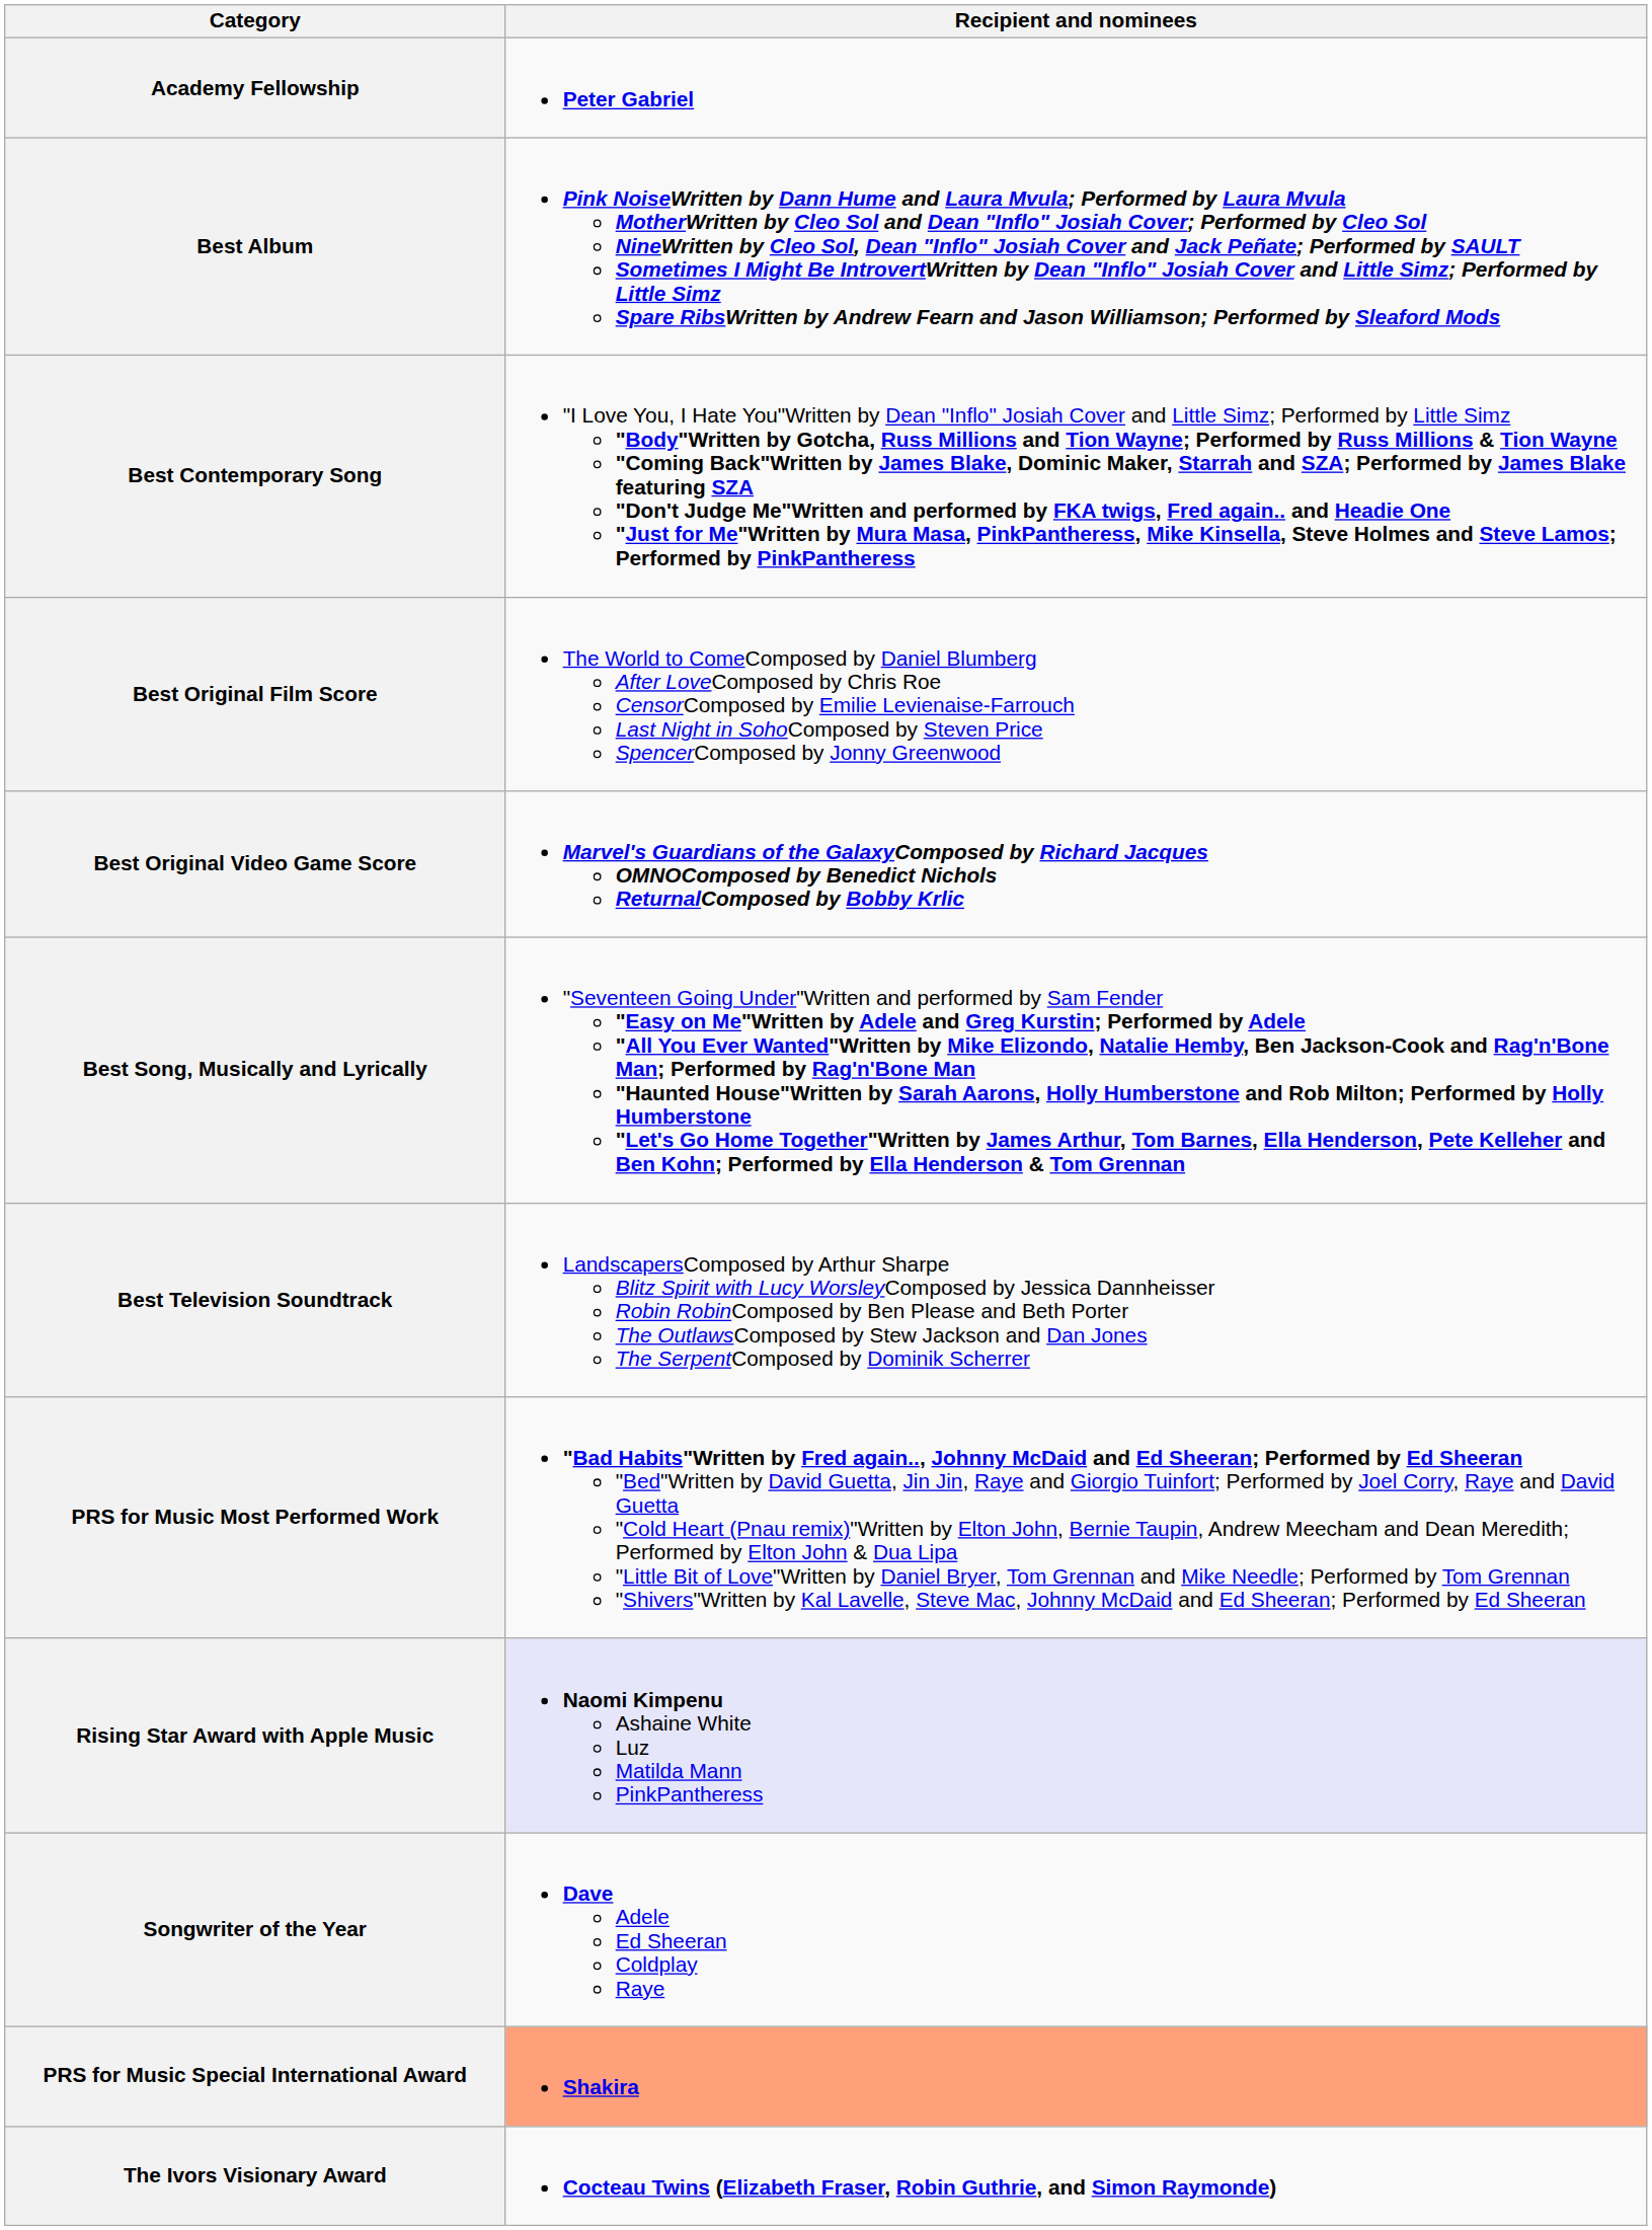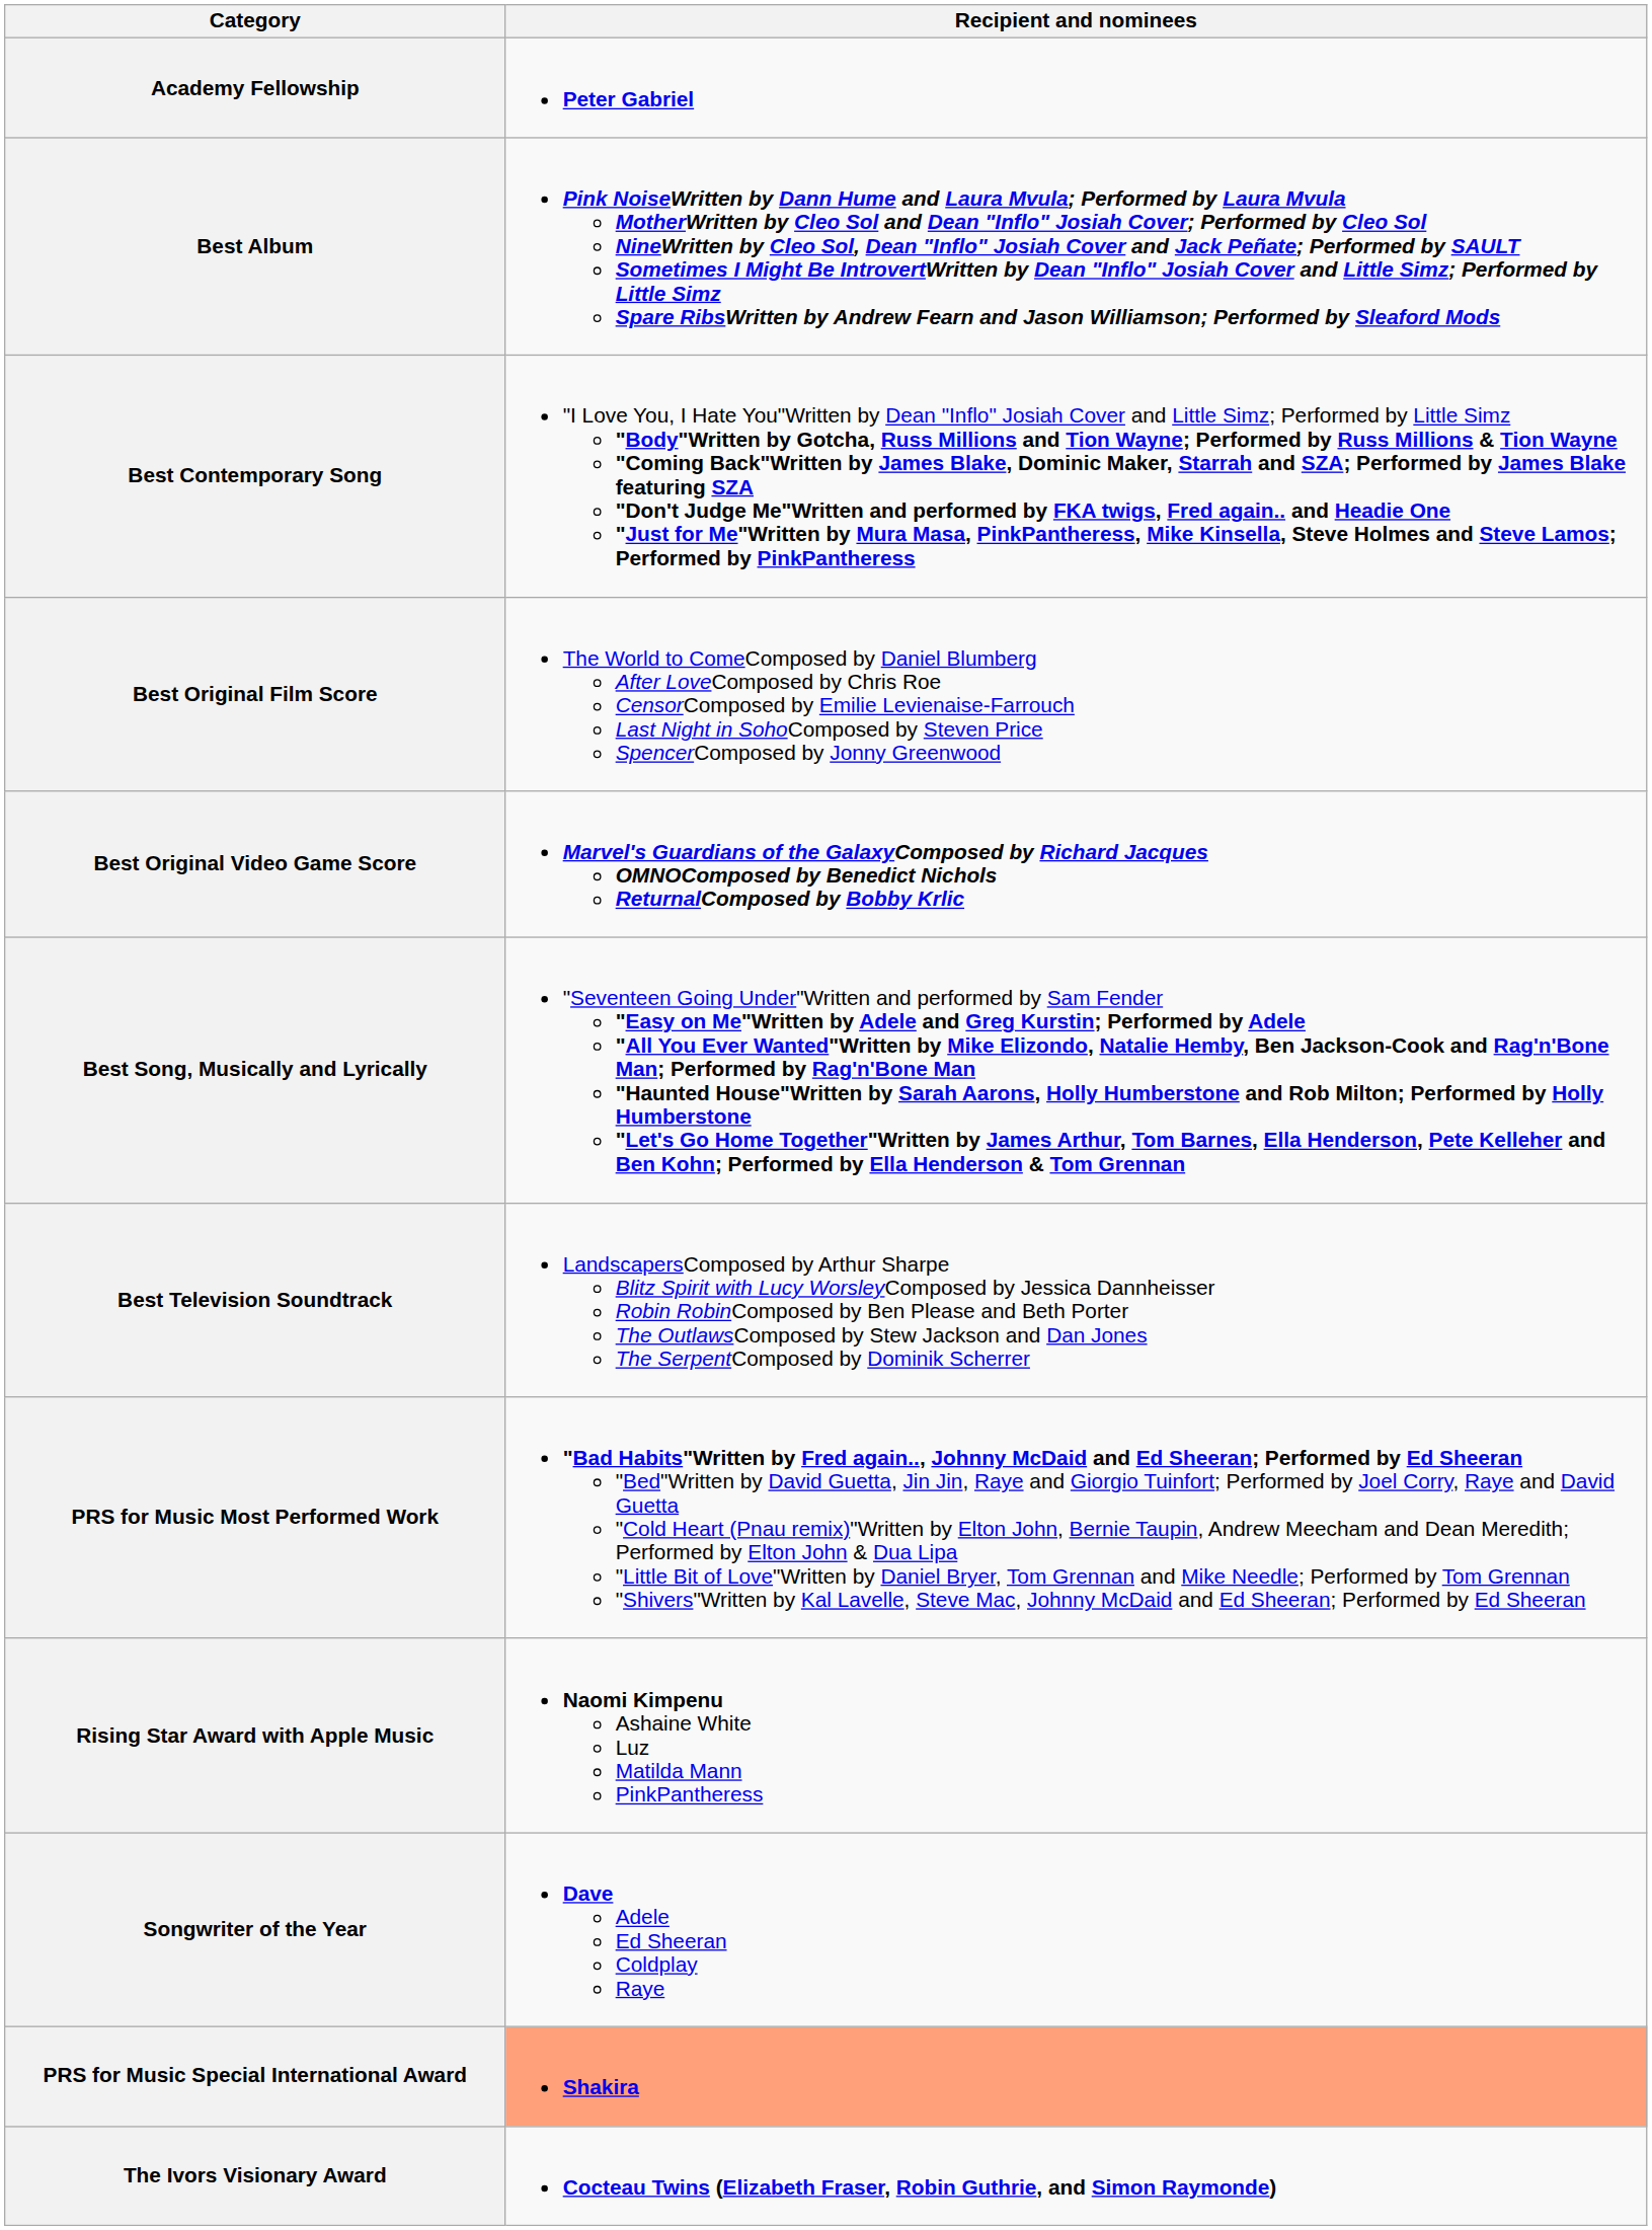 <table class="wikitable">
 <tr>
 <th width="25%">Category</th>
 <th width="57%">Recipient and nominees</th>
 </tr>
 <tr>
 <th scope="row">Academy Fellowship</th>
 <td><br><ul><li><strong><a href='#'>Peter Gabriel</a></strong></li></ul></td>
 </tr>
 <tr>
 <th scope="row">Best Album</th>
 <td><br><ul><li><strong><em><a href='#'>Pink Noise</a><em>Written by <a href='#'>Dann Hume</a> and <a href='#'>Laura Mvula</a>; Performed by <a href='#'>Laura Mvula</a><strong><ul><li></em><a href='#'>Mother</a><em>Written by <a href='#'>Cleo Sol</a> and <a href='#'>Dean "Inflo" Josiah Cover</a>; Performed by <a href='#'>Cleo Sol</a></li><li></em><a href='#'>Nine</a><em>Written by <a href='#'>Cleo Sol</a>, <a href='#'>Dean "Inflo" Josiah Cover</a> and <a href='#'>Jack Peñate</a>; Performed by <a href='#'>SAULT</a></li><li></em><a href='#'>Sometimes I Might Be Introvert</a><em>Written by <a href='#'>Dean "Inflo" Josiah Cover</a> and <a href='#'>Little Simz</a>; Performed by <a href='#'>Little Simz</a></li><li></em><a href='#'>Spare Ribs</a><em>Written by Andrew Fearn and Jason Williamson; Performed by <a href='#'>Sleaford Mods</a></li></ul></li></ul></td>
 </tr>
 <tr>
 <th scope="row">Best Contemporary Song</th>
 <td><br><ul><li></strong>"I Love You, I Hate You"Written by <a href='#'>Dean "Inflo" Josiah Cover</a> and <a href='#'>Little Simz</a>; Performed by <a href='#'>Little Simz</a><strong><ul><li>"<a href='#'>Body</a>"Written by Gotcha, <a href='#'>Russ Millions</a> and <a href='#'>Tion Wayne</a>; Performed by <a href='#'>Russ Millions</a> & <a href='#'>Tion Wayne</a></li><li>"Coming Back"Written by <a href='#'>James Blake</a>, Dominic Maker, <a href='#'>Starrah</a> and <a href='#'>SZA</a>; Performed by <a href='#'>James Blake</a> featuring <a href='#'>SZA</a></li><li>"Don't Judge Me"Written and performed by <a href='#'>FKA twigs</a>, <a href='#'>Fred again..</a> and <a href='#'>Headie One</a></li><li>"<a href='#'>Just for Me</a>"Written by <a href='#'>Mura Masa</a>, <a href='#'>PinkPantheress</a>, <a href='#'>Mike Kinsella</a>, Steve Holmes and <a href='#'>Steve Lamos</a>; Performed by <a href='#'>PinkPantheress</a></li></ul></li></ul></td>
 </tr>
 <tr>
 <th scope="row">Best Original Film Score</th>
 <td><br><ul><li></em></strong><a href='#'>The World to Come</a></em>Composed by <a href='#'>Daniel Blumberg</a></strong><ul><li><em><a href='#'>After Love</a></em>Composed by Chris Roe</li><li><em><a href='#'>Censor</a></em>Composed by <a href='#'>Emilie Levienaise-Farrouch</a></li><li><em><a href='#'>Last Night in Soho</a></em>Composed by <a href='#'>Steven Price</a></li><li><em><a href='#'>Spencer</a></em>Composed by <a href='#'>Jonny Greenwood</a></li></ul></li></ul></td>
 </tr>
 <tr>
 <th scope="row">Best Original Video Game Score</th>
 <td><br><ul><li><strong><em><a href='#'>Marvel's Guardians of the Galaxy</a><em>Composed by <a href='#'>Richard Jacques</a><strong><ul><li></em>OMNO<em>Composed by Benedict Nichols</li><li></em><a href='#'>Returnal</a><em>Composed by <a href='#'>Bobby Krlic</a></li></ul></li></ul></td>
 </tr>
 <tr>
 <th scope="row">Best Song, Musically and Lyrically</th>
 <td><br><ul><li></strong>"<a href='#'>Seventeen Going Under</a>"Written and performed by <a href='#'>Sam Fender</a><strong><ul><li>"<a href='#'>Easy on Me</a>"Written by <a href='#'>Adele</a> and <a href='#'>Greg Kurstin</a>; Performed by <a href='#'>Adele</a></li><li>"<a href='#'>All You Ever Wanted</a>"Written by <a href='#'>Mike Elizondo</a>, <a href='#'>Natalie Hemby</a>, Ben Jackson-Cook and <a href='#'>Rag'n'Bone Man</a>; Performed by <a href='#'>Rag'n'Bone Man</a></li><li>"Haunted House"Written by <a href='#'>Sarah Aarons</a>, <a href='#'>Holly Humberstone</a> and Rob Milton; Performed by <a href='#'>Holly Humberstone</a></li><li>"<a href='#'>Let's Go Home Together</a>"Written by <a href='#'>James Arthur</a>, <a href='#'>Tom Barnes</a>, <a href='#'>Ella Henderson</a>, <a href='#'>Pete Kelleher</a> and <a href='#'>Ben Kohn</a>; Performed by <a href='#'>Ella Henderson</a> & <a href='#'>Tom Grennan</a></li></ul></li></ul></td>
 </tr>
 <tr>
 <th scope="row">Best Television Soundtrack</th>
 <td><br><ul><li></em></strong><a href='#'>Landscapers</a></em>Composed by Arthur Sharpe</strong><ul><li><em><a href='#'>Blitz Spirit with Lucy Worsley</a></em>Composed by Jessica Dannheisser</li><li><em><a href='#'>Robin Robin</a></em>Composed by Ben Please and Beth Porter</li><li><em><a href='#'>The Outlaws</a></em>Composed by Stew Jackson and <a href='#'>Dan Jones</a></li><li><em><a href='#'>The Serpent</a></em>Composed by <a href='#'>Dominik Scherrer</a></li></ul></li></ul></td>
 </tr>
 <tr>
 <th scope="row">PRS for Music Most Performed Work</th>
 <td><br><ul><li><strong>"<a href='#'>Bad Habits</a>"Written by <a href='#'>Fred again..</a>, <a href='#'>Johnny McDaid</a> and <a href='#'>Ed Sheeran</a>; Performed by <a href='#'>Ed Sheeran</a></strong><ul><li>"<a href='#'>Bed</a>"Written by <a href='#'>David Guetta</a>, <a href='#'>Jin Jin</a>, <a href='#'>Raye</a> and <a href='#'>Giorgio Tuinfort</a>; Performed by <a href='#'>Joel Corry</a>, <a href='#'>Raye</a> and <a href='#'>David Guetta</a></li><li>"<a href='#'>Cold Heart (Pnau remix)</a>"Written by <a href='#'>Elton John</a>, <a href='#'>Bernie Taupin</a>, Andrew Meecham and Dean Meredith; Performed by <a href='#'>Elton John</a> & <a href='#'>Dua Lipa</a></li><li>"<a href='#'>Little Bit of Love</a>"Written by <a href='#'>Daniel Bryer</a>, <a href='#'>Tom Grennan</a> and <a href='#'>Mike Needle</a>; Performed by <a href='#'>Tom Grennan</a></li><li>"<a href='#'>Shivers</a>"Written by <a href='#'>Kal Lavelle</a>, <a href='#'>Steve Mac</a>, <a href='#'>Johnny McDaid</a> and <a href='#'>Ed Sheeran</a>; Performed by <a href='#'>Ed Sheeran</a></li></ul></li></ul></td>
 </tr>
 <tr>
 <th scope="row">Rising Star Award with Apple Music</th>
-<td style="background: lavender;"><br><ul><li><strong>Naomi Kimpenu</strong><ul><li>Ashaine White</li><li>Luz</li><li><a href='#'>Matilda Mann</a></li><li><a href='#'>PinkPantheress</a></li></ul></li></ul></td>
+<td><br><ul><li><strong>Naomi Kimpenu</strong><ul><li>Ashaine White</li><li>Luz</li><li><a href='#'>Matilda Mann</a></li><li><a href='#'>PinkPantheress</a></li></ul></li></ul></td>
 </tr>
 <tr>
 <th scope="row">Songwriter of the Year</th>
 <td><br><ul><li><strong><a href='#'>Dave</a></strong><ul><li><a href='#'>Adele</a></li><li><a href='#'>Ed Sheeran</a></li><li><a href='#'>Coldplay</a></li><li><a href='#'>Raye</a></li></ul></li></ul></td>
 </tr>
 <tr>
 <th scope="row">PRS for Music Special International Award</th>
 <td style="background: lightsalmon;"><br><ul><li><strong><a href='#'>Shakira</a></strong></li></ul></td>
 </tr>
 <tr>
 <th scope="row">The Ivors Visionary Award</th>
 <td><br><ul><li><strong><a href='#'>Cocteau Twins</a> (<a href='#'>Elizabeth Fraser</a>, <a href='#'>Robin Guthrie</a>, and <a href='#'>Simon Raymonde</a>)</strong></li></ul></td>
 </tr>
 </table>
